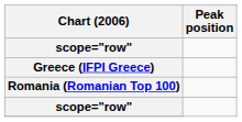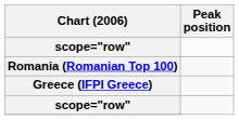 <table class="wikitable sortable plainrowheaders">
 <tr>
 <th>Chart (2006)</th>
 <th>Peak<br>position</th>
 </tr>
 <tr>
 <th>scope="row"</th>
 </tr>
 <tr>
-<th scope="row">Greece (<a href='#'>IFPI Greece</a>)</th>
+<th scope="row">Romania (<a href='#'>Romanian Top 100</a>)</th>
 <td></td>
 </tr>
 <tr>
-<th scope="row">Romania (<a href='#'>Romanian Top 100</a>)</th>
+<th scope="row">Greece (<a href='#'>IFPI Greece</a>)</th>
 <td></td>
 </tr>
 <tr>
 <th>scope="row"</th>
 </tr>
 <tr>
 </tr>
 </table>
